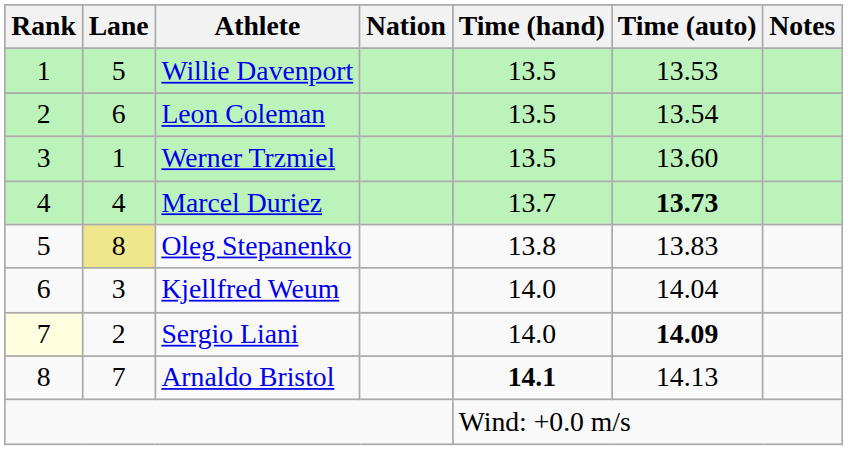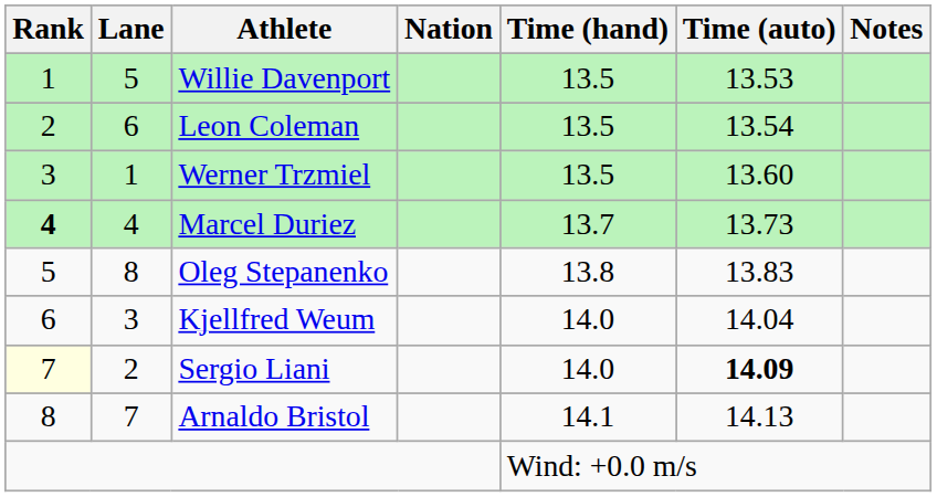 <table class="wikitable sortable" style="text-align:center">
 <tr>
 <th>Rank</th>
 <th>Lane</th>
 <th>Athlete</th>
 <th>Nation</th>
 <th>Time (hand)</th>
 <th>Time (auto)</th>
 <th>Notes</th>
 </tr>
 <tr bgcolor=bbf3bb>
 <td>1</td>
 <td>5</td>
 <td align=left><a href='#'>Willie Davenport</a></td>
 <td align=left></td>
 <td>13.5</td>
 <td>13.53</td>
 <td></td>
 </tr>
 <tr bgcolor=bbf3bb>
 <td>2</td>
 <td>6</td>
 <td align=left><a href='#'>Leon Coleman</a></td>
 <td align=left></td>
 <td>13.5</td>
 <td>13.54</td>
 <td></td>
 </tr>
 <tr bgcolor=bbf3bb>
 <td>3</td>
 <td>1</td>
 <td align=left><a href='#'>Werner Trzmiel</a></td>
 <td align=left></td>
 <td>13.5</td>
 <td>13.60</td>
 <td></td>
 </tr>
 <tr bgcolor=bbf3bb>
-<td>4</td>
+<td><strong>4</strong></td>
 <td>4</td>
 <td align=left><a href='#'>Marcel Duriez</a></td>
 <td align=left></td>
 <td>13.7</td>
-<td><strong>13.73</strong></td>
+<td>13.73</td>
 <td></td>
 </tr>
 <tr>
 <td>5</td>
-<td style="background: khaki;">8</td>
+<td>8</td>
 <td align=left><a href='#'>Oleg Stepanenko</a></td>
 <td align=left></td>
 <td>13.8</td>
 <td>13.83</td>
 <td></td>
 </tr>
 <tr>
 <td>6</td>
 <td>3</td>
 <td align=left><a href='#'>Kjellfred Weum</a></td>
 <td align=left></td>
 <td>14.0</td>
 <td>14.04</td>
 <td></td>
 </tr>
 <tr>
 <td style="background: lightyellow;">7</td>
 <td>2</td>
 <td align=left><a href='#'>Sergio Liani</a></td>
 <td align=left></td>
 <td>14.0</td>
 <td><strong>14.09</strong></td>
 <td></td>
 </tr>
 <tr>
 <td>8</td>
 <td>7</td>
 <td align=left><a href='#'>Arnaldo Bristol</a></td>
 <td align=left></td>
-<td><strong>14.1</strong></td>
+<td>14.1</td>
 <td>14.13</td>
 <td></td>
 </tr>
 <tr class="sortbottom">
 <td colspan=4></td>
 <td colspan="3" style="text-align:left;">Wind: +0.0 m/s</td>
 </tr>
 </table>
